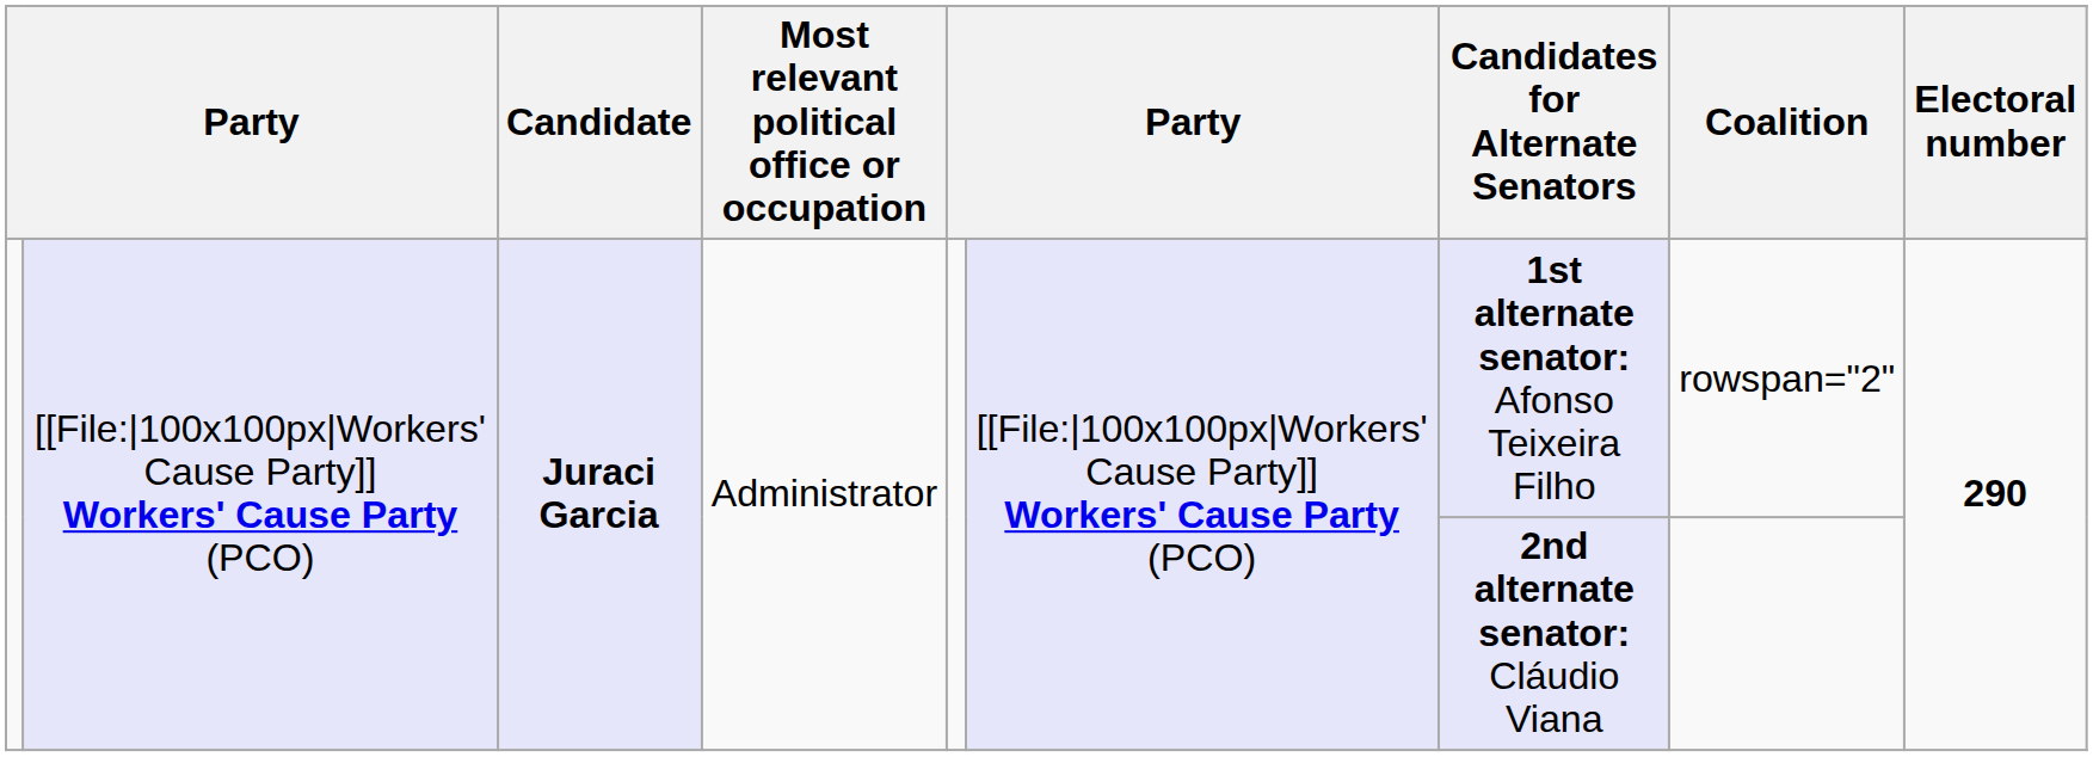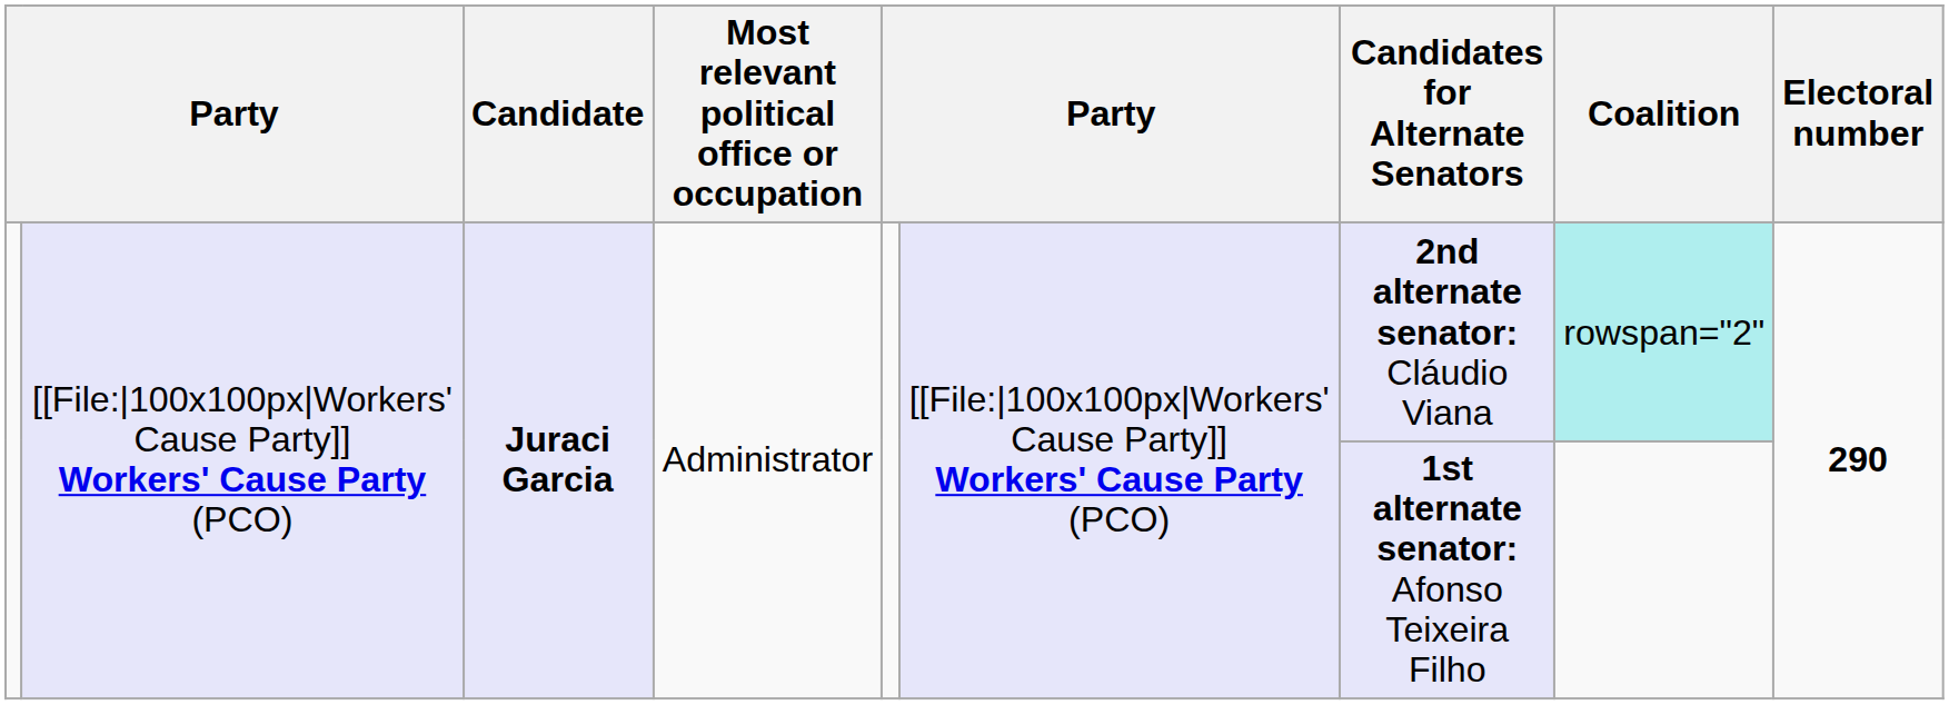 <table class="wikitable" style="text-align:center">
 <tr>
 <th colspan="2">Party</th>
 <th>Candidate</th>
 <th style="max-width:10em">Most relevant political office or occupation</th>
 <th colspan="2">Party</th>
 <th>Candidates for Alternate Senators</th>
 <th>Coalition</th>
 <th>Electoral number</th>
 </tr>
 <tr>
 <td rowspan="2" style="background:"></td>
 <td rowspan="2" style="background:lavender;" max-width:150px>[[File:|100x100px|Workers' Cause Party]]<br><strong><a href='#'>Workers' Cause Party</a></strong> (PCO)</td>
 <td rowspan="2" style="background:lavender;" max-width:150px><strong>Juraci Garcia</strong></td>
 <td rowspan="2" style="max-width:10em">Administrator</td>
 <td rowspan="2" style="background:"></td>
 <td rowspan="2" style="background:lavender;" max-width:150px>[[File:|100x100px|Workers' Cause Party]]<br><strong><a href='#'>Workers' Cause Party</a></strong> (PCO)</td>
-<td style="background:lavender;"><strong>1st alternate senator:</strong><br>Afonso Teixeira Filho</td>
-<td>rowspan="2" </td>
+<td style="background:lavender;"><strong>2nd alternate senator:</strong><br>Cláudio Viana</td>
+<td style="background: paleturquoise;">rowspan="2" </td>
 <td rowspan="2"><strong>290</strong></td>
 </tr>
 <tr>
-<td style="background:lavender;"><strong>2nd alternate senator:</strong><br>Cláudio Viana</td>
+<td style="background:lavender;"><strong>1st alternate senator:</strong><br>Afonso Teixeira Filho</td>
 </tr>
 </table>
